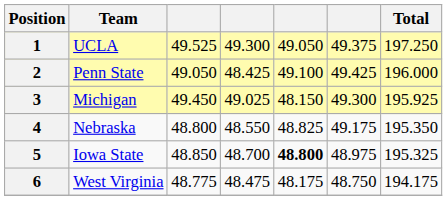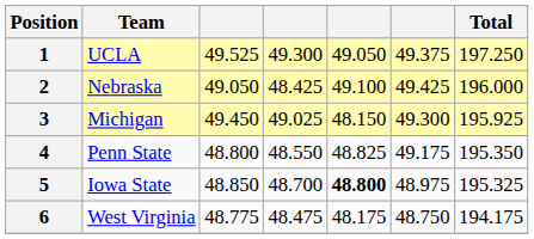 <table class="wikitable sortable" style="text-align:center; font-size:95%">
 <tr>
 <th scope=col>Position</th>
 <th scope=col>Team</th>
 <th scope=col></th>
 <th scope=col></th>
 <th scope=col></th>
 <th scope=col></th>
 <th scope=col>Total</th>
 </tr>
 <tr bgcolor=fffcaf>
 <th scope=row>1</th>
 <td align=left><a href='#'>UCLA</a></td>
 <td>49.525</td>
 <td>49.300</td>
 <td>49.050</td>
 <td>49.375</td>
 <td>197.250</td>
 </tr>
 <tr bgcolor=fffcaf>
 <th scope=row>2</th>
-<td align=left><a href='#'>Penn State</a></td>
+<td align=left><a href='#'>Nebraska</a></td>
 <td>49.050</td>
 <td>48.425</td>
 <td>49.100</td>
 <td>49.425</td>
 <td>196.000</td>
 </tr>
 <tr bgcolor=fffcaf>
 <th scope=row>3</th>
 <td align=left><a href='#'>Michigan</a></td>
 <td>49.450</td>
 <td>49.025</td>
 <td>48.150</td>
 <td>49.300</td>
 <td>195.925</td>
 </tr>
 <tr>
 <th scope=row>4</th>
-<td align=left><a href='#'>Nebraska</a></td>
+<td align=left><a href='#'>Penn State</a></td>
 <td>48.800</td>
 <td>48.550</td>
 <td>48.825</td>
 <td>49.175</td>
 <td>195.350</td>
 </tr>
 <tr>
 <th scope=row>5</th>
 <td align=left><a href='#'>Iowa State</a></td>
 <td>48.850</td>
 <td>48.700</td>
 <td><strong>48.800</strong></td>
 <td>48.975</td>
 <td>195.325</td>
 </tr>
 <tr>
 <th scope=row>6</th>
 <td align=left><a href='#'>West Virginia</a></td>
 <td>48.775</td>
 <td>48.475</td>
 <td>48.175</td>
 <td>48.750</td>
 <td>194.175</td>
 </tr>
 <tr>
 </tr>
 </table>
